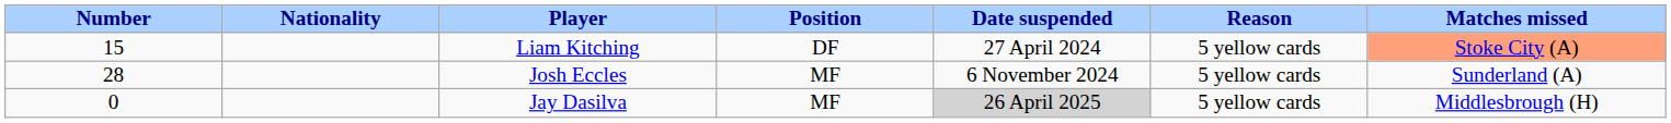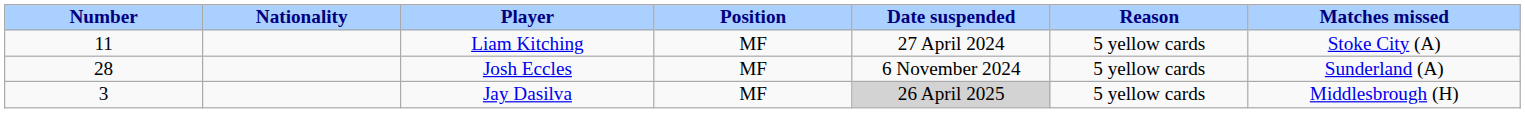 <table class="wikitable sortable alternance" style="font-size:100%; text-align:center; line-height:14px; width:100%;">
 <tr>
 <th style="background:#AAD0FF; color:#000080; width:100px;">Number</th>
 <th style="background:#AAD0FF; color:#000080; width:100px;">Nationality</th>
 <th style="background:#AAD0FF; color:#000080; width:130px;">Player</th>
 <th style="background:#AAD0FF; color:#000080; width:100px;">Position</th>
 <th style="background:#AAD0FF; color:#000080; width:100px;">Date suspended</th>
 <th style="background:#AAD0FF; color:#000080; width:100px;">Reason</th>
 <th style="background:#AAD0FF; color:#000080; width:140px;">Matches missed</th>
 </tr>
 <tr>
-<td>15</td>
+<td>11</td>
 <td></td>
 <td><a href='#'>Liam Kitching</a></td>
-<td>DF</td>
+<td>MF</td>
 <td>27 April 2024</td>
 <td>5 yellow cards</td>
-<td style="background: lightsalmon;"><a href='#'>Stoke City</a> (A)</td>
+<td><a href='#'>Stoke City</a> (A)</td>
 </tr>
 <tr>
 <td>28</td>
 <td></td>
 <td><a href='#'>Josh Eccles</a></td>
 <td>MF</td>
 <td>6 November 2024</td>
 <td>5 yellow cards</td>
 <td><a href='#'>Sunderland</a> (A)</td>
 </tr>
 <tr>
-<td>0</td>
+<td>3</td>
 <td></td>
 <td><a href='#'>Jay Dasilva</a></td>
 <td>MF</td>
 <td style="background: lightgrey;">26 April 2025</td>
 <td>5 yellow cards</td>
 <td><a href='#'>Middlesbrough</a> (H)</td>
 </tr>
 </table>
